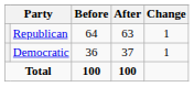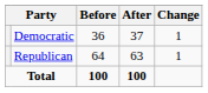 <table class="wikitable" style="text-align:center;">
 <tr>
 </tr>
 <tr>
 <th colspan=2>Party</th>
 <th>Before</th>
 <th>After</th>
 <th>Change</th>
 </tr>
 <tr>
 <th style="background-color:"></th>
-<td style="text-align:left;"><a href='#'>Republican</a></td>
-<td>64</td>
-<td>63</td>
+<td style="text-align:left;"><a href='#'>Democratic</a></td>
+<td>36</td>
+<td>37</td>
 <td> 1</td>
 </tr>
 <tr>
 <th style="background-color:"></th>
-<td style="text-align:left;"><a href='#'>Democratic</a></td>
-<td>36</td>
-<td>37</td>
+<td style="text-align:left;"><a href='#'>Republican</a></td>
+<td>64</td>
+<td>63</td>
 <td> 1</td>
 </tr>
 <tr>
 <td colspan=2><strong>Total</strong></td>
 <td><strong>100</strong></td>
 <td><strong>100</strong></td>
 <td></td>
 </tr>
 </table>
